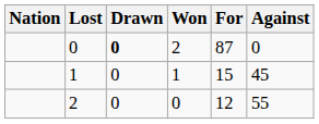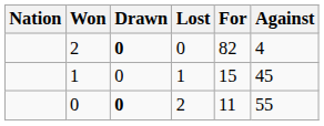 <table class="wikitable">
 <tr>
 <th>Nation</th>
+<th>Won</th>
+<th>Drawn</th>
 <th>Lost</th>
-<th>Drawn</th>
-<th>Won</th>
 <th>For</th>
 <th>Against</th>
 </tr>
 <tr>
 <td></td>
+<td>2</td>
+<td><strong>0</strong></td>
 <td>0</td>
-<td><strong>0</strong></td>
-<td>2</td>
-<td>87</td>
-<td>0</td>
+<td>82</td>
+<td>4</td>
 </tr>
 <tr>
 <td></td>
 <td>1</td>
 <td>0</td>
 <td>1</td>
 <td>15</td>
 <td>45</td>
 </tr>
 <tr>
 <td></td>
+<td>0</td>
+<td><strong>0</strong></td>
 <td>2</td>
-<td>0</td>
-<td>0</td>
-<td>12</td>
+<td>11</td>
 <td>55</td>
 </tr>
 </table>
